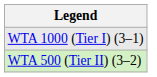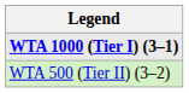 <table class=wikitable style=font-size:90%>
 <tr>
 <th>Legend</th>
 </tr>
 <tr>
-<td style="background:#e9e9e9;"><a href='#'>WTA 1000</a> (<a href='#'>Tier I</a>) (3–1)</td>
+<td style="background:#e9e9e9;"><strong><a href='#'>WTA 1000</a> (<a href='#'>Tier I</a>) (3–1)</strong></td>
 </tr>
 <tr>
 <td style="background:#d4f1c5;"><a href='#'>WTA 500</a> (<a href='#'>Tier II</a>) (3–2)</td>
 </tr>
 </table>
